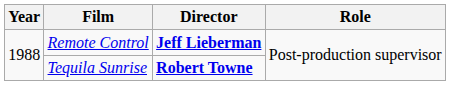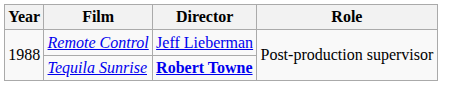 <table class="wikitable">
 <tr>
 <th>Year</th>
 <th>Film</th>
 <th>Director</th>
 <th>Role</th>
 </tr>
 <tr>
 <td rowspan=2>1988</td>
 <td><em><a href='#'>Remote Control</a></em></td>
-<td><strong><a href='#'>Jeff Lieberman</a></strong></td>
+<td><a href='#'>Jeff Lieberman</a></td>
 <td rowspan=2>Post-production supervisor</td>
 </tr>
 <tr>
 <td><em><a href='#'>Tequila Sunrise</a></em></td>
 <td><strong><a href='#'>Robert Towne</a></strong></td>
 </tr>
 </table>
